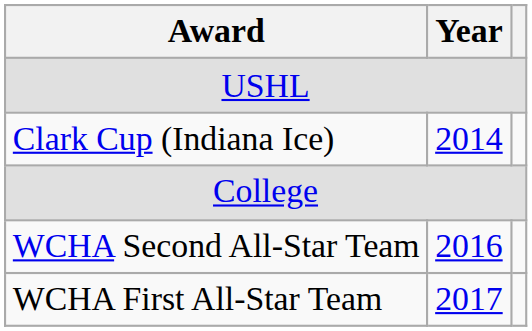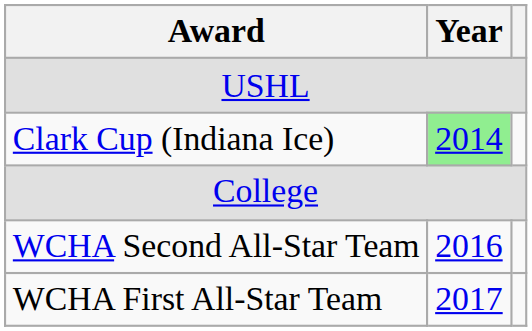 <table class="wikitable">
 <tr>
 <th>Award</th>
 <th>Year</th>
 <th></th>
 </tr>
 <tr ALIGN="center" bgcolor="#e0e0e0">
 <td colspan="3"><a href='#'>USHL</a></td>
 </tr>
 <tr>
 <td><a href='#'>Clark Cup</a> (Indiana Ice)</td>
-<td><a href='#'>2014</a></td>
+<td style="background: lightgreen;"><a href='#'>2014</a></td>
 <td></td>
 </tr>
 <tr ALIGN="center" bgcolor="#e0e0e0">
 <td colspan="3"><a href='#'>College</a></td>
 </tr>
 <tr>
 <td><a href='#'>WCHA</a> Second All-Star Team</td>
 <td><a href='#'>2016</a></td>
 <td></td>
 </tr>
 <tr>
 <td>WCHA First All-Star Team</td>
 <td><a href='#'>2017</a></td>
 <td></td>
 </tr>
 </table>
